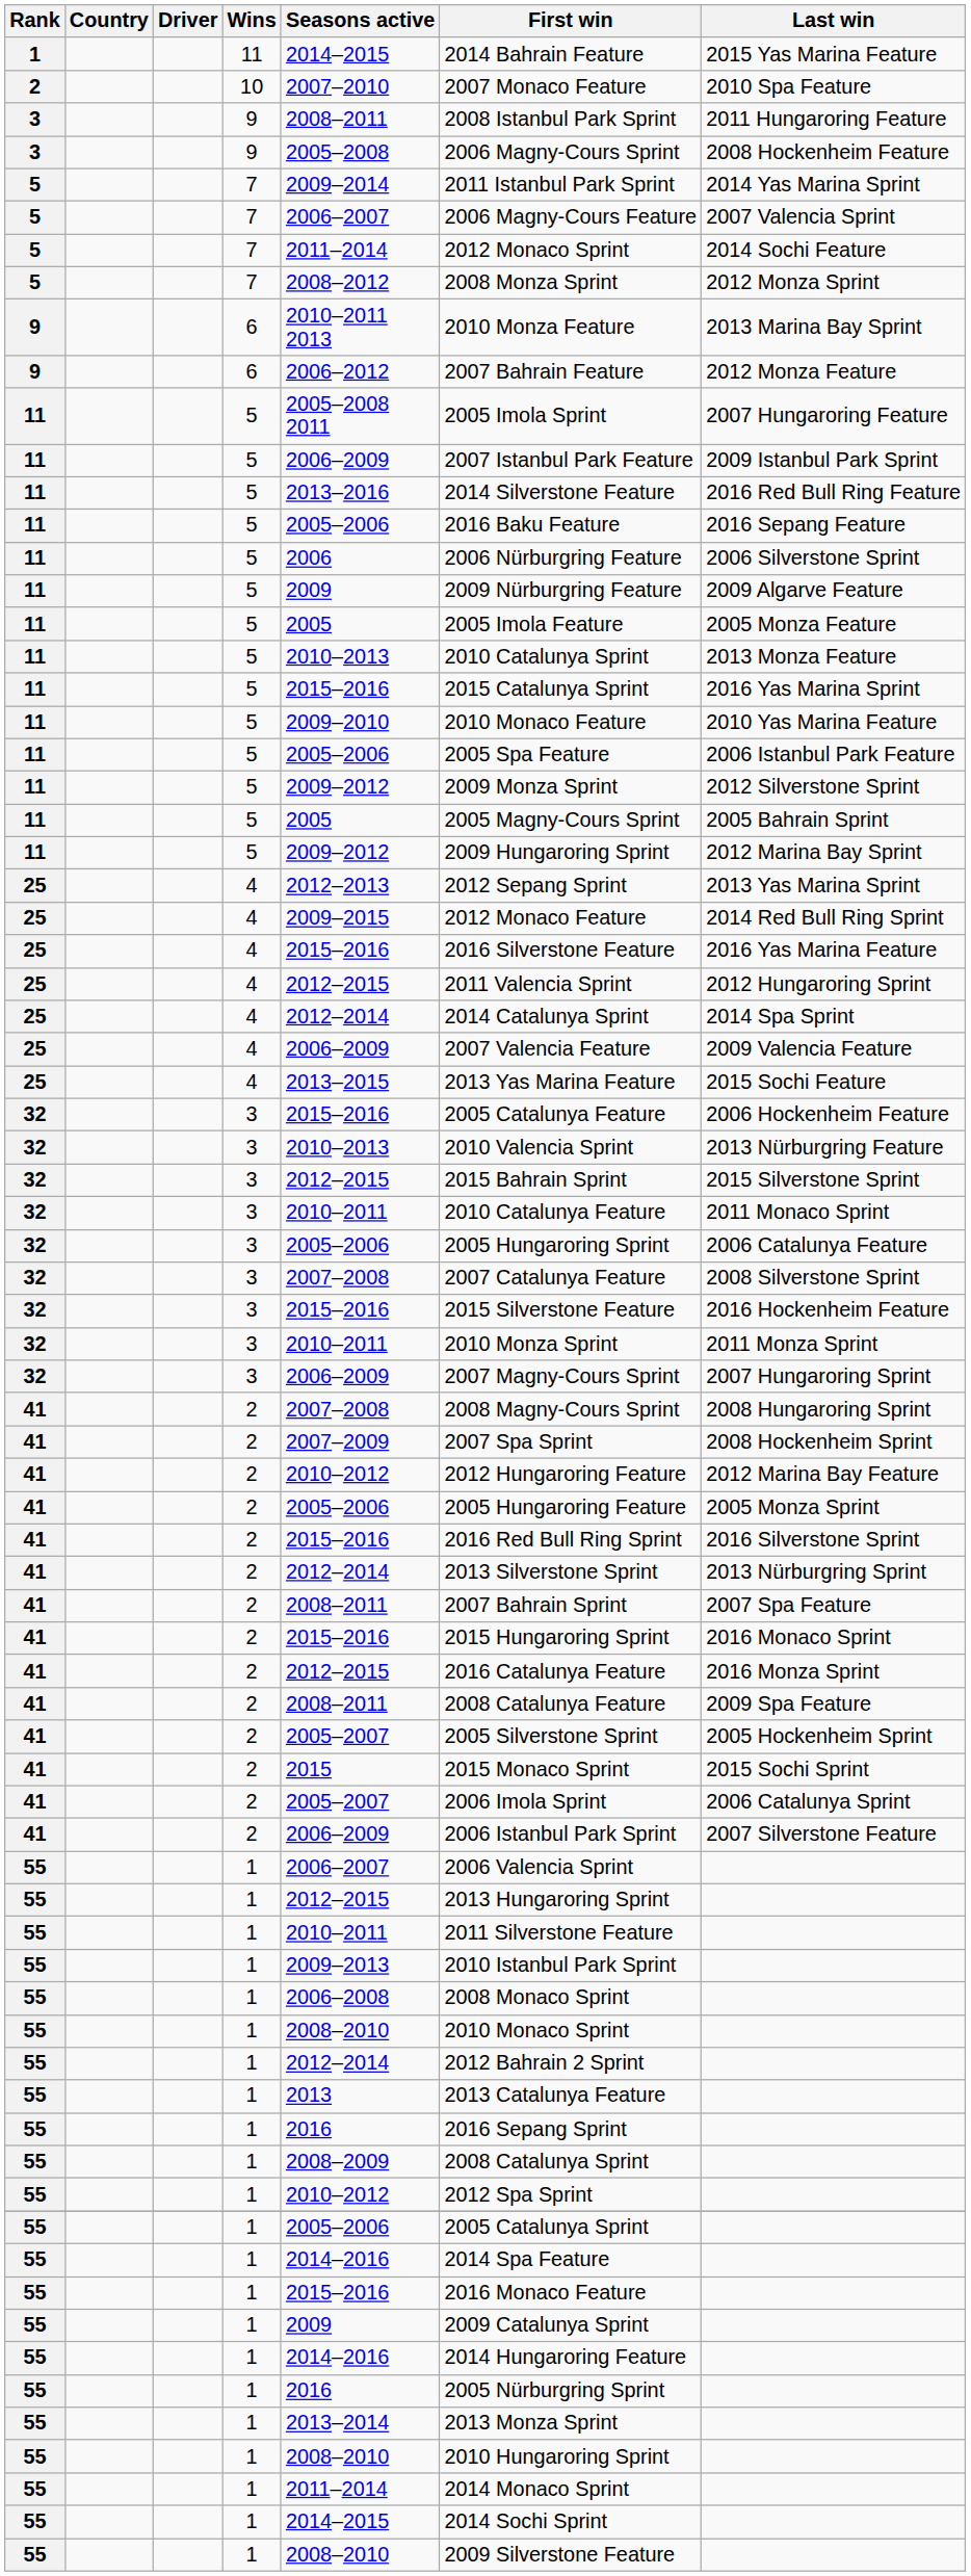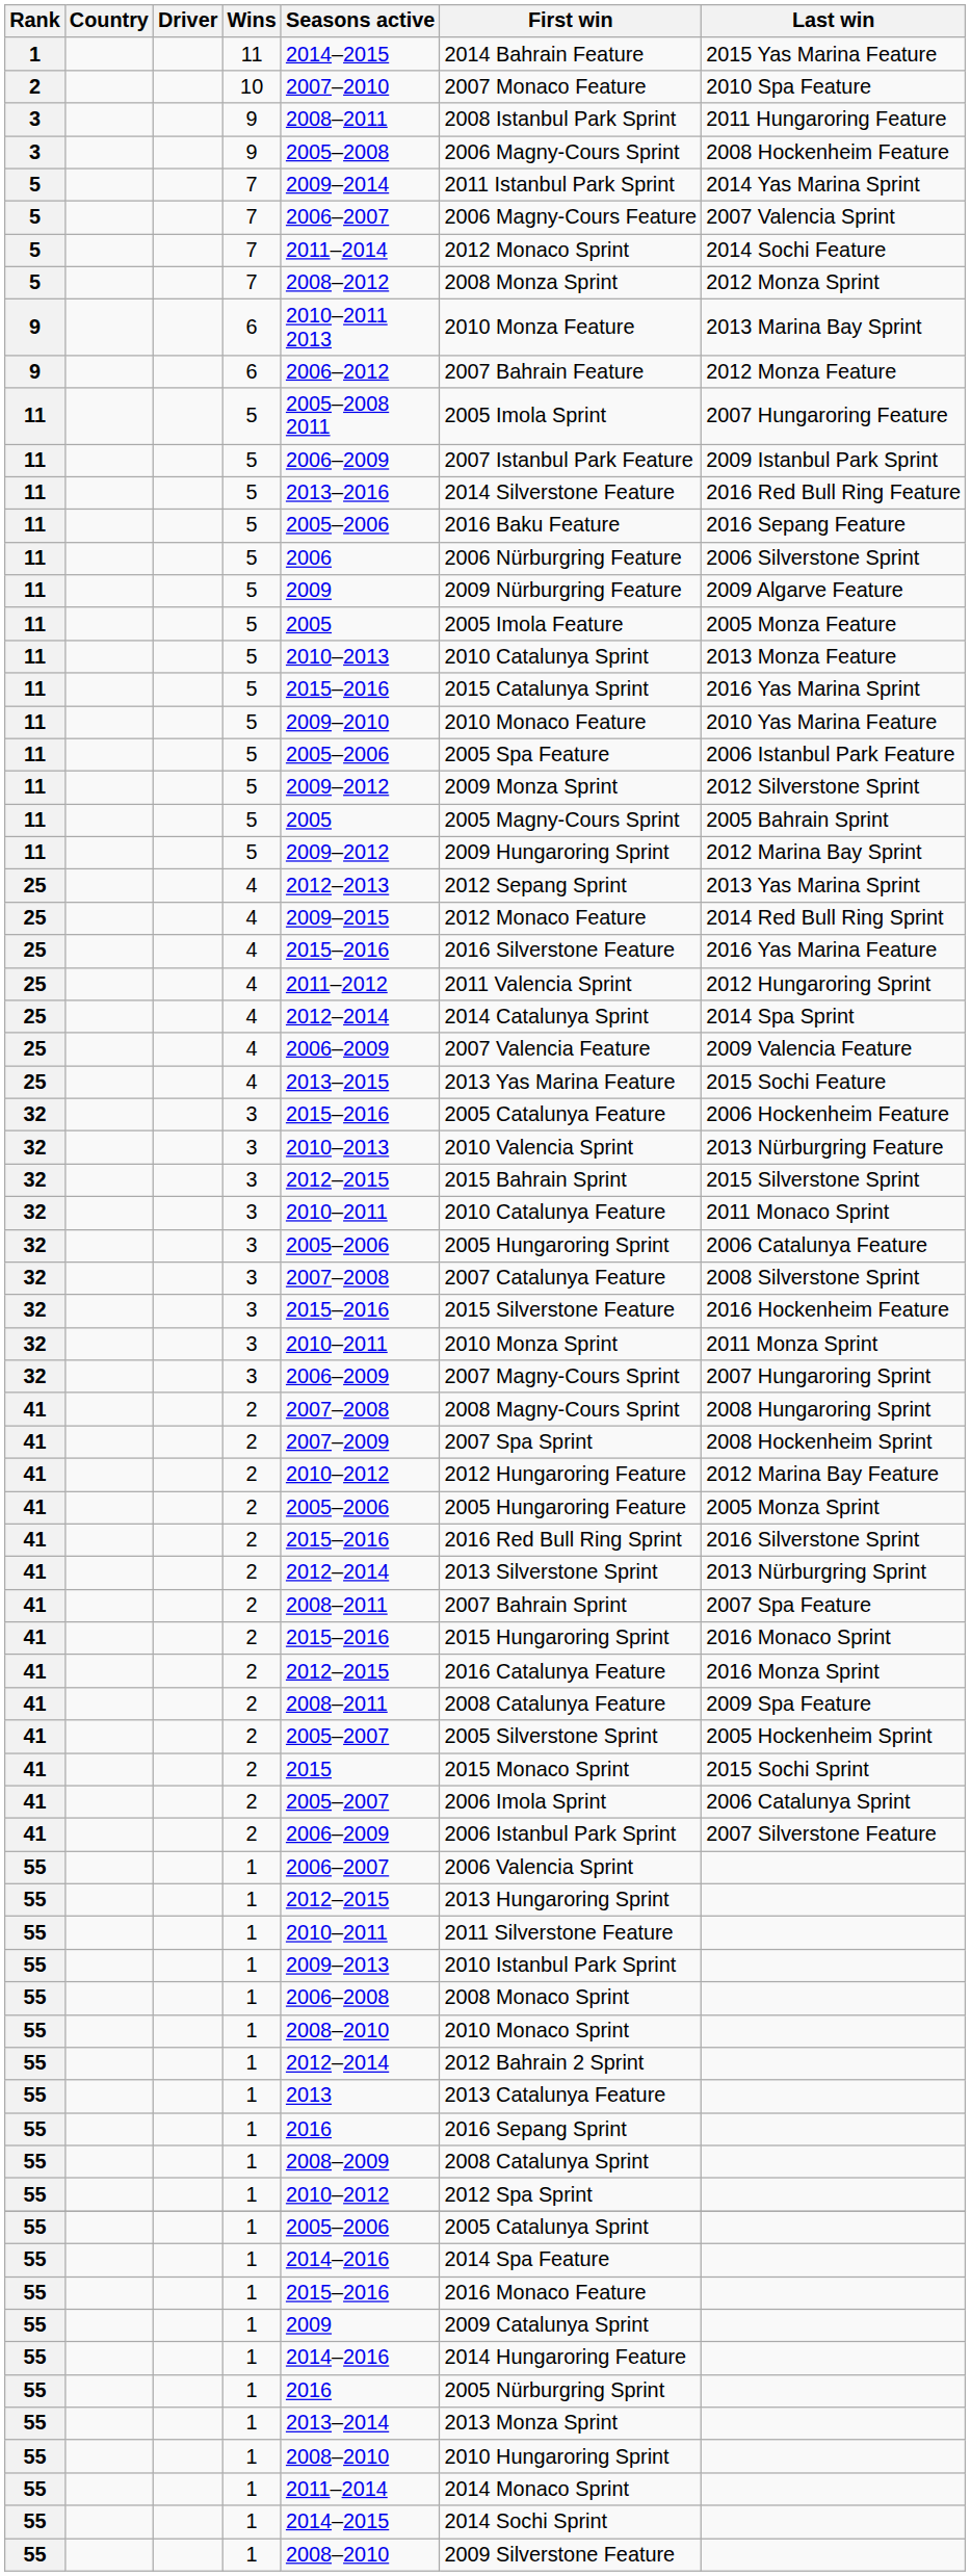 <table class="sortable plainrowheaders wikitable">
 <tr>
 <th scope=col>Rank</th>
 <th scope=col>Country</th>
 <th scope=col>Driver</th>
 <th scope=col>Wins</th>
 <th scope=col>Seasons active</th>
 <th scope=col>First win</th>
 <th scope=col>Last win</th>
 </tr>
 <tr>
 <th>1</th>
 <td></td>
 <td><strong></strong></td>
 <td align=center>11</td>
 <td><a href='#'>2014</a>–<a href='#'>2015</a></td>
 <td>2014 Bahrain Feature</td>
 <td>2015 Yas Marina Feature</td>
 </tr>
 <tr>
 <th>2</th>
 <td></td>
 <td><strong></strong></td>
 <td align=center>10</td>
 <td><a href='#'>2007</a>–<a href='#'>2010</a></td>
 <td>2007 Monaco Feature</td>
 <td>2010 Spa Feature</td>
 </tr>
 <tr>
 <th>3</th>
 <td></td>
 <td><strong></strong></td>
 <td align=center>9</td>
 <td><a href='#'>2008</a>–<a href='#'>2011</a></td>
 <td>2008 Istanbul Park Sprint</td>
 <td>2011 Hungaroring Feature</td>
 </tr>
 <tr>
 <th>3</th>
 <td></td>
 <td><strong></strong></td>
 <td align=center>9</td>
 <td><a href='#'>2005</a>–<a href='#'>2008</a></td>
 <td>2006 Magny-Cours Sprint</td>
 <td>2008 Hockenheim Feature</td>
 </tr>
 <tr>
 <th>5</th>
 <td></td>
 <td></td>
 <td align=center>7</td>
 <td><a href='#'>2009</a>–<a href='#'>2014</a></td>
 <td>2011 Istanbul Park Sprint</td>
 <td>2014 Yas Marina Sprint</td>
 </tr>
 <tr>
 <th>5</th>
 <td></td>
 <td><strong></strong></td>
 <td align=center>7</td>
 <td><a href='#'>2006</a>–<a href='#'>2007</a></td>
 <td>2006 Magny-Cours Feature</td>
 <td>2007 Valencia Sprint</td>
 </tr>
 <tr>
 <th>5</th>
 <td></td>
 <td><strong></strong></td>
 <td align=center>7</td>
 <td><a href='#'>2011</a>–<a href='#'>2014</a></td>
 <td>2012 Monaco Sprint</td>
 <td>2014 Sochi Feature</td>
 </tr>
 <tr>
 <th>5</th>
 <td></td>
 <td><strong></strong></td>
 <td align=center>7</td>
 <td><a href='#'>2008</a>–<a href='#'>2012</a></td>
 <td>2008 Monza Sprint</td>
 <td>2012 Monza Sprint</td>
 </tr>
 <tr>
 <th>9</th>
 <td></td>
 <td></td>
 <td align=center>6</td>
 <td><a href='#'>2010</a>–<a href='#'>2011</a><br><a href='#'>2013</a></td>
 <td>2010 Monza Feature</td>
 <td>2013 Marina Bay Sprint</td>
 </tr>
 <tr>
 <th>9</th>
 <td></td>
 <td></td>
 <td align=center>6</td>
 <td><a href='#'>2006</a>–<a href='#'>2012</a></td>
 <td>2007 Bahrain Feature</td>
 <td>2012 Monza Feature</td>
 </tr>
 <tr>
 <th>11</th>
 <td></td>
 <td></td>
 <td align=center>5</td>
 <td><a href='#'>2005</a>–<a href='#'>2008</a><br><a href='#'>2011</a></td>
 <td>2005 Imola Sprint</td>
 <td>2007 Hungaroring Feature</td>
 </tr>
 <tr>
 <th>11</th>
 <td></td>
 <td></td>
 <td align=center>5</td>
 <td><a href='#'>2006</a>–<a href='#'>2009</a></td>
 <td>2007 Istanbul Park Feature</td>
 <td>2009 Istanbul Park Sprint</td>
 </tr>
 <tr>
 <th>11</th>
 <td></td>
 <td></td>
 <td align=center>5</td>
 <td><a href='#'>2013</a>–<a href='#'>2016</a></td>
 <td>2014 Silverstone Feature</td>
 <td>2016 Red Bull Ring Feature</td>
 </tr>
 <tr>
 <th>11</th>
 <td></td>
 <td></td>
 <td align=center>5</td>
 <td><a href='#'>2005</a>–<a href='#'>2006</a></td>
 <td>2016 Baku Feature</td>
 <td>2016 Sepang Feature</td>
 </tr>
 <tr>
 <th>11</th>
 <td></td>
 <td><strong></strong></td>
 <td align=center>5</td>
 <td><a href='#'>2006</a></td>
 <td>2006 Nürburgring Feature</td>
 <td>2006 Silverstone Sprint</td>
 </tr>
 <tr>
 <th>11</th>
 <td></td>
 <td><strong></strong></td>
 <td align=center>5</td>
 <td><a href='#'>2009</a></td>
 <td>2009 Nürburgring Feature</td>
 <td>2009 Algarve Feature</td>
 </tr>
 <tr>
 <th>11</th>
 <td></td>
 <td></td>
 <td align=center>5</td>
 <td><a href='#'>2005</a></td>
 <td>2005 Imola Feature</td>
 <td>2005 Monza Feature</td>
 </tr>
 <tr>
 <th>11</th>
 <td></td>
 <td><strong></strong></td>
 <td align=center>5</td>
 <td><a href='#'>2010</a>–<a href='#'>2013</a></td>
 <td>2010 Catalunya Sprint</td>
 <td>2013 Monza Feature</td>
 </tr>
 <tr>
 <th>11</th>
 <td></td>
 <td></td>
 <td align=center>5</td>
 <td><a href='#'>2015</a>–<a href='#'>2016</a></td>
 <td>2015 Catalunya Sprint</td>
 <td>2016 Yas Marina Sprint</td>
 </tr>
 <tr>
 <th>11</th>
 <td></td>
 <td></td>
 <td align=center>5</td>
 <td><a href='#'>2009</a>–<a href='#'>2010</a></td>
 <td>2010 Monaco Feature</td>
 <td>2010 Yas Marina Feature</td>
 </tr>
 <tr>
 <th>11</th>
 <td></td>
 <td></td>
 <td align=center>5</td>
 <td><a href='#'>2005</a>–<a href='#'>2006</a></td>
 <td>2005 Spa Feature</td>
 <td>2006 Istanbul Park Feature</td>
 </tr>
 <tr>
 <th>11</th>
 <td></td>
 <td></td>
 <td align=center>5</td>
 <td><a href='#'>2009</a>–<a href='#'>2012</a></td>
 <td>2009 Monza Sprint</td>
 <td>2012 Silverstone Sprint</td>
 </tr>
 <tr>
 <th>11</th>
 <td></td>
 <td><strong></strong></td>
 <td align=center>5</td>
 <td><a href='#'>2005</a></td>
 <td>2005 Magny-Cours Sprint</td>
 <td>2005 Bahrain Sprint</td>
 </tr>
 <tr>
 <th>11</th>
 <td></td>
 <td></td>
 <td align=center>5</td>
 <td><a href='#'>2009</a>–<a href='#'>2012</a></td>
 <td>2009 Hungaroring Sprint</td>
 <td>2012 Marina Bay Sprint</td>
 </tr>
 <tr>
 <th>25</th>
 <td></td>
 <td></td>
 <td align=center>4</td>
 <td><a href='#'>2012</a>–<a href='#'>2013</a></td>
 <td>2012 Sepang Sprint</td>
 <td>2013 Yas Marina Sprint</td>
 </tr>
 <tr>
 <th>25</th>
 <td></td>
 <td></td>
 <td align=center>4</td>
 <td><a href='#'>2009</a>–<a href='#'>2015</a></td>
 <td>2012 Monaco Feature</td>
 <td>2014 Red Bull Ring Sprint</td>
 </tr>
 <tr>
 <th>25</th>
 <td></td>
 <td><strong></strong></td>
 <td align=center>4</td>
 <td><a href='#'>2015</a>–<a href='#'>2016</a></td>
 <td>2016 Silverstone Feature</td>
 <td>2016 Yas Marina Feature</td>
 </tr>
 <tr>
 <th>25</th>
 <td></td>
 <td></td>
 <td align=center>4</td>
-<td><a href='#'>2012</a>–<a href='#'>2015</a></td>
+<td><a href='#'>2011</a>–<a href='#'>2012</a></td>
 <td>2011 Valencia Sprint</td>
 <td>2012 Hungaroring Sprint</td>
 </tr>
 <tr>
 <th>25</th>
 <td></td>
 <td></td>
 <td align=center>4</td>
 <td><a href='#'>2012</a>–<a href='#'>2014</a></td>
 <td>2014 Catalunya Sprint</td>
 <td>2014 Spa Sprint</td>
 </tr>
 <tr>
 <th>25</th>
 <td></td>
 <td></td>
 <td align=center>4</td>
 <td><a href='#'>2006</a>–<a href='#'>2009</a></td>
 <td>2007 Valencia Feature</td>
 <td>2009 Valencia Feature</td>
 </tr>
 <tr>
 <th>25</th>
 <td></td>
 <td></td>
 <td align=center>4</td>
 <td><a href='#'>2013</a>–<a href='#'>2015</a></td>
 <td>2013 Yas Marina Feature</td>
 <td>2015 Sochi Feature</td>
 </tr>
 <tr>
 <th>32</th>
 <td></td>
 <td></td>
 <td align=center>3</td>
 <td><a href='#'>2015</a>–<a href='#'>2016</a></td>
 <td>2005 Catalunya Feature</td>
 <td>2006 Hockenheim Feature</td>
 </tr>
 <tr>
 <th>32</th>
 <td></td>
 <td></td>
 <td align=center>3</td>
 <td><a href='#'>2010</a>–<a href='#'>2013</a></td>
 <td>2010 Valencia Sprint</td>
 <td>2013 Nürburgring Feature</td>
 </tr>
 <tr>
 <th>32</th>
 <td></td>
 <td></td>
 <td align=center>3</td>
 <td><a href='#'>2012</a>–<a href='#'>2015</a></td>
 <td>2015 Bahrain Sprint</td>
 <td>2015 Silverstone Sprint</td>
 </tr>
 <tr>
 <th>32</th>
 <td></td>
 <td></td>
 <td align=center>3</td>
 <td><a href='#'>2010</a>–<a href='#'>2011</a></td>
 <td>2010 Catalunya Feature</td>
 <td>2011 Monaco Sprint</td>
 </tr>
 <tr>
 <th>32</th>
 <td></td>
 <td></td>
 <td align=center>3</td>
 <td><a href='#'>2005</a>–<a href='#'>2006</a></td>
 <td>2005 Hungaroring Sprint</td>
 <td>2006 Catalunya Feature</td>
 </tr>
 <tr>
 <th>32</th>
 <td></td>
 <td></td>
 <td align=center>3</td>
 <td><a href='#'>2007</a>–<a href='#'>2008</a></td>
 <td>2007 Catalunya Feature</td>
 <td>2008 Silverstone Sprint</td>
 </tr>
 <tr>
 <th>32</th>
 <td></td>
 <td></td>
 <td align=center>3</td>
 <td><a href='#'>2015</a>–<a href='#'>2016</a></td>
 <td>2015 Silverstone Feature</td>
 <td>2016 Hockenheim Feature</td>
 </tr>
 <tr>
 <th>32</th>
 <td></td>
 <td></td>
 <td align=center>3</td>
 <td><a href='#'>2010</a>–<a href='#'>2011</a></td>
 <td>2010 Monza Sprint</td>
 <td>2011 Monza Sprint</td>
 </tr>
 <tr>
 <th>32</th>
 <td></td>
 <td></td>
 <td align=center>3</td>
 <td><a href='#'>2006</a>–<a href='#'>2009</a></td>
 <td>2007 Magny-Cours Sprint</td>
 <td>2007 Hungaroring Sprint</td>
 </tr>
 <tr>
 <th>41</th>
 <td></td>
 <td></td>
 <td align=center>2</td>
 <td><a href='#'>2007</a>–<a href='#'>2008</a></td>
 <td>2008 Magny-Cours Sprint</td>
 <td>2008 Hungaroring Sprint</td>
 </tr>
 <tr>
 <th>41</th>
 <td></td>
 <td></td>
 <td align=center>2</td>
 <td><a href='#'>2007</a>–<a href='#'>2009</a></td>
 <td>2007 Spa Sprint</td>
 <td>2008 Hockenheim Sprint</td>
 </tr>
 <tr>
 <th>41</th>
 <td></td>
 <td></td>
 <td align=center>2</td>
 <td><a href='#'>2010</a>–<a href='#'>2012</a></td>
 <td>2012 Hungaroring Feature</td>
 <td>2012 Marina Bay Feature</td>
 </tr>
 <tr>
 <th>41</th>
 <td></td>
 <td></td>
 <td align=center>2</td>
 <td><a href='#'>2005</a>–<a href='#'>2006</a></td>
 <td>2005 Hungaroring Feature</td>
 <td>2005 Monza Sprint</td>
 </tr>
 <tr>
 <th>41</th>
 <td></td>
 <td></td>
 <td align=center>2</td>
 <td><a href='#'>2015</a>–<a href='#'>2016</a></td>
 <td>2016 Red Bull Ring Sprint</td>
 <td>2016 Silverstone Sprint</td>
 </tr>
 <tr>
 <th>41</th>
 <td></td>
 <td></td>
 <td align=center>2</td>
 <td><a href='#'>2012</a>–<a href='#'>2014</a></td>
 <td>2013 Silverstone Sprint</td>
 <td>2013 Nürburgring Sprint</td>
 </tr>
 <tr>
 <th>41</th>
 <td></td>
 <td></td>
 <td align=center>2</td>
 <td><a href='#'>2008</a>–<a href='#'>2011</a></td>
 <td>2007 Bahrain Sprint</td>
 <td>2007 Spa Feature</td>
 </tr>
 <tr>
 <th>41</th>
 <td></td>
 <td></td>
 <td align=center>2</td>
 <td><a href='#'>2015</a>–<a href='#'>2016</a></td>
 <td>2015 Hungaroring Sprint</td>
 <td>2016 Monaco Sprint</td>
 </tr>
 <tr>
 <th>41</th>
 <td></td>
 <td></td>
 <td align=center>2</td>
 <td><a href='#'>2012</a>–<a href='#'>2015</a></td>
 <td>2016 Catalunya Feature</td>
 <td>2016 Monza Sprint</td>
 </tr>
 <tr>
 <th>41</th>
 <td></td>
 <td></td>
 <td align=center>2</td>
 <td><a href='#'>2008</a>–<a href='#'>2011</a></td>
 <td>2008 Catalunya Feature</td>
 <td>2009 Spa Feature</td>
 </tr>
 <tr>
 <th>41</th>
 <td></td>
 <td></td>
 <td align=center>2</td>
 <td><a href='#'>2005</a>–<a href='#'>2007</a></td>
 <td>2005 Silverstone Sprint</td>
 <td>2005 Hockenheim Sprint</td>
 </tr>
 <tr>
 <th>41</th>
 <td></td>
 <td></td>
 <td align=center>2</td>
 <td><a href='#'>2015</a></td>
 <td>2015 Monaco Sprint</td>
 <td>2015 Sochi Sprint</td>
 </tr>
 <tr>
 <th>41</th>
 <td></td>
 <td></td>
 <td align=center>2</td>
 <td><a href='#'>2005</a>–<a href='#'>2007</a></td>
 <td>2006 Imola Sprint</td>
 <td>2006 Catalunya Sprint</td>
 </tr>
 <tr>
 <th>41</th>
 <td></td>
 <td></td>
 <td align=center>2</td>
 <td><a href='#'>2006</a>–<a href='#'>2009</a></td>
 <td>2006 Istanbul Park Sprint</td>
 <td>2007 Silverstone Feature</td>
 </tr>
 <tr>
 <th>55</th>
 <td></td>
 <td></td>
 <td align=center>1</td>
 <td><a href='#'>2006</a>–<a href='#'>2007</a></td>
 <td>2006 Valencia Sprint</td>
 <td></td>
 </tr>
 <tr>
 <th>55</th>
 <td></td>
 <td></td>
 <td align=center>1</td>
 <td><a href='#'>2012</a>–<a href='#'>2015</a></td>
 <td>2013 Hungaroring Sprint</td>
 <td></td>
 </tr>
 <tr>
 <th>55</th>
 <td></td>
 <td></td>
 <td align=center>1</td>
 <td><a href='#'>2010</a>–<a href='#'>2011</a></td>
 <td>2011 Silverstone Feature</td>
 <td></td>
 </tr>
 <tr>
 <th>55</th>
 <td></td>
 <td></td>
 <td align=center>1</td>
 <td><a href='#'>2009</a>–<a href='#'>2013</a></td>
 <td>2010 Istanbul Park Sprint</td>
 <td></td>
 </tr>
 <tr>
 <th>55</th>
 <td></td>
 <td></td>
 <td align=center>1</td>
 <td><a href='#'>2006</a>–<a href='#'>2008</a></td>
 <td>2008 Monaco Sprint</td>
 <td></td>
 </tr>
 <tr>
 <th>55</th>
 <td></td>
 <td></td>
 <td align=center>1</td>
 <td><a href='#'>2008</a>–<a href='#'>2010</a></td>
 <td>2010 Monaco Sprint</td>
 <td></td>
 </tr>
 <tr>
 <th>55</th>
 <td></td>
 <td></td>
 <td align=center>1</td>
 <td><a href='#'>2012</a>–<a href='#'>2014</a></td>
 <td>2012 Bahrain 2 Sprint</td>
 <td></td>
 </tr>
 <tr>
 <th>55</th>
 <td></td>
 <td></td>
 <td align=center>1</td>
 <td><a href='#'>2013</a></td>
 <td>2013 Catalunya Feature</td>
 <td></td>
 </tr>
 <tr>
 <th>55</th>
 <td></td>
 <td></td>
 <td align=center>1</td>
 <td><a href='#'>2016</a></td>
 <td>2016 Sepang Sprint</td>
 <td></td>
 </tr>
 <tr>
 <th>55</th>
 <td></td>
 <td></td>
 <td align=center>1</td>
 <td><a href='#'>2008</a>–<a href='#'>2009</a></td>
 <td>2008 Catalunya Sprint</td>
 <td></td>
 </tr>
 <tr>
 <th>55</th>
 <td></td>
 <td></td>
 <td align=center>1</td>
 <td><a href='#'>2010</a>–<a href='#'>2012</a></td>
 <td>2012 Spa Sprint</td>
 <td></td>
 </tr>
 <tr style="background-color:#FBCEB1">
 </tr>
 <tr>
 <th>55</th>
 <td><br></td>
 <td></td>
 <td align=center>1</td>
 <td><a href='#'>2005</a>–<a href='#'>2006</a></td>
 <td>2005 Catalunya Sprint</td>
 <td></td>
 </tr>
 <tr>
 <th>55</th>
 <td></td>
 <td></td>
 <td align=center>1</td>
 <td><a href='#'>2014</a>–<a href='#'>2016</a></td>
 <td>2014 Spa Feature</td>
 <td></td>
 </tr>
 <tr>
 <th>55</th>
 <td></td>
 <td></td>
 <td align=center>1</td>
 <td><a href='#'>2015</a>–<a href='#'>2016</a></td>
 <td>2016 Monaco Feature</td>
 <td></td>
 </tr>
 <tr>
 <th>55</th>
 <td></td>
 <td></td>
 <td align=center>1</td>
 <td><a href='#'>2009</a></td>
 <td>2009 Catalunya Sprint</td>
 <td></td>
 </tr>
 <tr>
 <th>55</th>
 <td></td>
 <td></td>
 <td align=center>1</td>
 <td><a href='#'>2014</a>–<a href='#'>2016</a></td>
 <td>2014 Hungaroring Feature</td>
 <td></td>
 </tr>
 <tr>
 <th>55</th>
 <td></td>
 <td></td>
 <td align=center>1</td>
 <td><a href='#'>2016</a></td>
 <td>2005 Nürburgring Sprint</td>
 <td></td>
 </tr>
 <tr>
 <th>55</th>
 <td></td>
 <td></td>
 <td align=center>1</td>
 <td><a href='#'>2013</a>–<a href='#'>2014</a></td>
 <td>2013 Monza Sprint</td>
 <td></td>
 </tr>
 <tr>
 <th>55</th>
 <td></td>
 <td></td>
 <td align=center>1</td>
 <td><a href='#'>2008</a>–<a href='#'>2010</a></td>
 <td>2010 Hungaroring Sprint</td>
 <td></td>
 </tr>
 <tr>
 <th>55</th>
 <td></td>
 <td></td>
 <td align=center>1</td>
 <td><a href='#'>2011</a>–<a href='#'>2014</a></td>
 <td>2014 Monaco Sprint</td>
 <td></td>
 </tr>
 <tr>
 <th>55</th>
 <td></td>
 <td></td>
 <td align=center>1</td>
 <td><a href='#'>2014</a>–<a href='#'>2015</a></td>
 <td>2014 Sochi Sprint</td>
 <td></td>
 </tr>
 <tr>
 <th>55</th>
 <td></td>
 <td></td>
 <td align=center>1</td>
 <td><a href='#'>2008</a>–<a href='#'>2010</a></td>
 <td>2009 Silverstone Feature</td>
 <td></td>
 </tr>
 </table>
